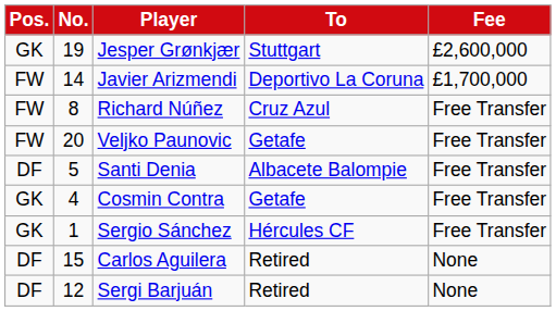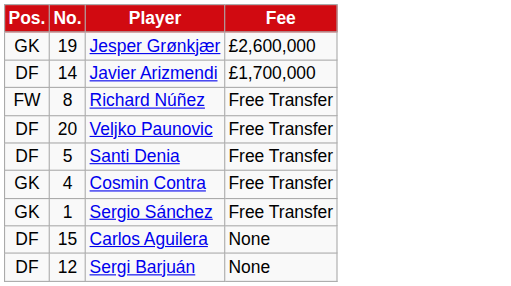 <table class="wikitable plainrowheaders sortable">
 <tr>
 <th style="background:#D10A11; color:#ffffff; ">Pos.</th>
 <th style="background:#D10A11; color:#ffffff; ">No.</th>
 <th style="background:#D10A11; color:#ffffff; ">Player</th>
-<th style="background:#D10A11; color:#ffffff; ">To</th>
 <th style="background:#D10A11; color:#ffffff; ">Fee</th>
 </tr>
 <tr>
 <td style="text-align:center;">GK</td>
 <td style="text-align:center;">19</td>
 <td style="text-align:left;"> <a href='#'>Jesper Grønkjær</a></td>
-<td style="text-align:left;"> <a href='#'>Stuttgart</a></td>
 <td>£2,600,000</td>
 </tr>
 <tr>
-<td style="text-align:center;">FW</td>
+<td style="text-align:center;">DF</td>
 <td style="text-align:center;">14</td>
 <td style="text-align:left;"> <a href='#'>Javier Arizmendi</a></td>
-<td style="text-align:left;"> <a href='#'>Deportivo La Coruna</a></td>
 <td>£1,700,000</td>
 </tr>
 <tr>
 <td style="text-align:center;">FW</td>
 <td style="text-align:center;">8</td>
 <td style="text-align:left;"> <a href='#'>Richard Núñez</a></td>
-<td style="text-align:left;"> <a href='#'>Cruz Azul</a></td>
 <td>Free Transfer</td>
 </tr>
 <tr>
-<td style="text-align:center;">FW</td>
+<td style="text-align:center;">DF</td>
 <td style="text-align:center;">20</td>
 <td style="text-align:left;"> <a href='#'>Veljko Paunovic</a></td>
-<td style="text-align:left;"> <a href='#'>Getafe</a></td>
 <td>Free Transfer</td>
 </tr>
 <tr>
 <td style="text-align:center;">DF</td>
 <td style="text-align:center;">5</td>
 <td style="text-align:left;"> <a href='#'>Santi Denia</a></td>
-<td style="text-align:left;"> <a href='#'>Albacete Balompie</a></td>
 <td>Free Transfer</td>
 </tr>
 <tr>
 <td style="text-align:center;">GK</td>
 <td style="text-align:center;">4</td>
 <td style="text-align:left;"> <a href='#'>Cosmin Contra</a></td>
-<td style="text-align:left;"> <a href='#'>Getafe</a></td>
 <td>Free Transfer</td>
 </tr>
 <tr>
 <td style="text-align:center;">GK</td>
 <td style="text-align:center;">1</td>
 <td style="text-align:left;"> <a href='#'>Sergio Sánchez</a></td>
-<td style="text-align:left;"> <a href='#'>Hércules CF</a></td>
 <td>Free Transfer</td>
 </tr>
 <tr>
 <td style="text-align:center;">DF</td>
 <td style="text-align:center;">15</td>
 <td style="text-align:left;"> <a href='#'>Carlos Aguilera</a></td>
-<td style="text-align:left;">Retired</td>
 <td>None</td>
 </tr>
 <tr>
 <td style="text-align:center;">DF</td>
 <td style="text-align:center;">12</td>
 <td style="text-align:left;"> <a href='#'>Sergi Barjuán</a></td>
-<td style="text-align:left;">Retired</td>
 <td>None</td>
 </tr>
 </table>
